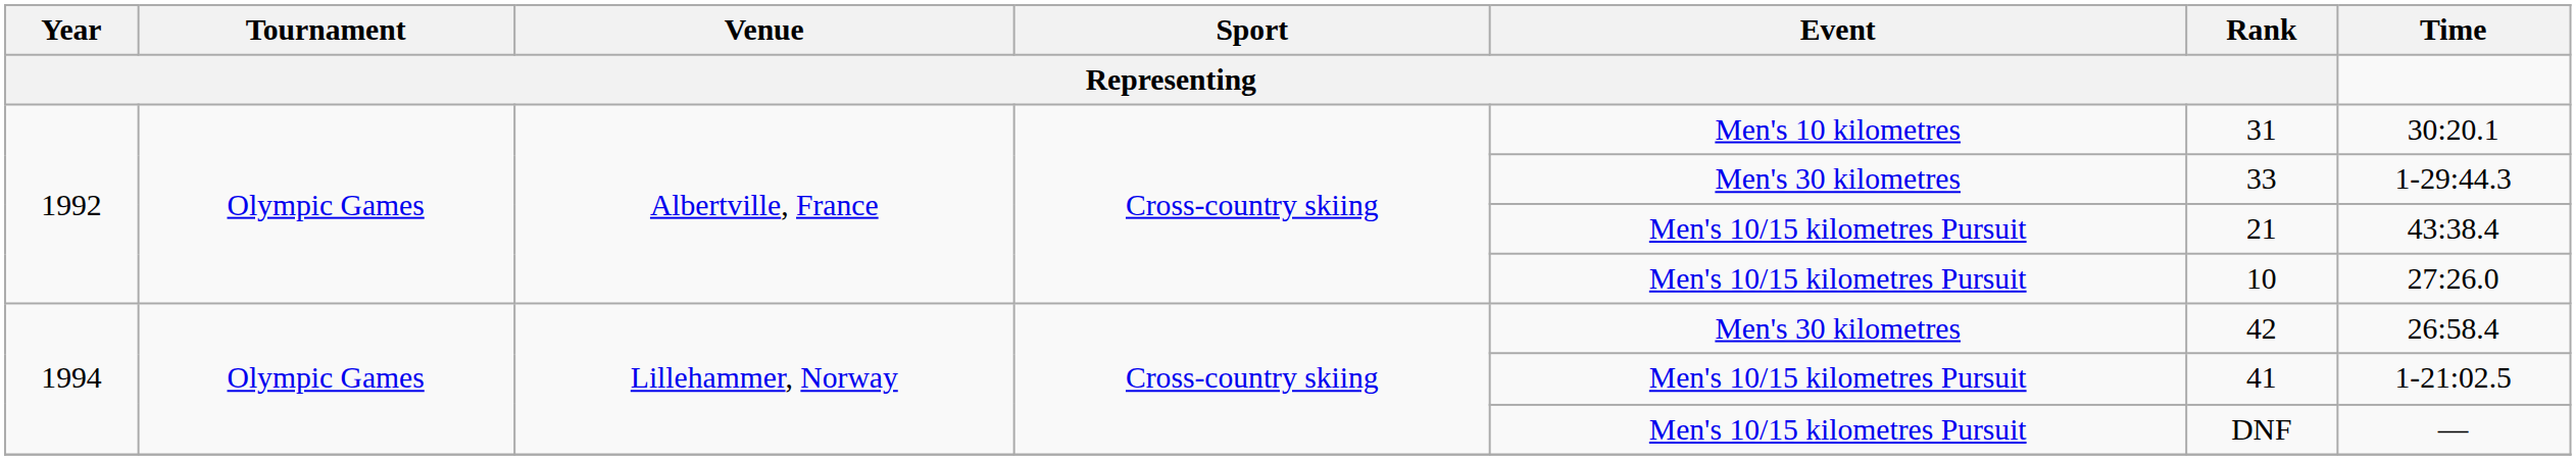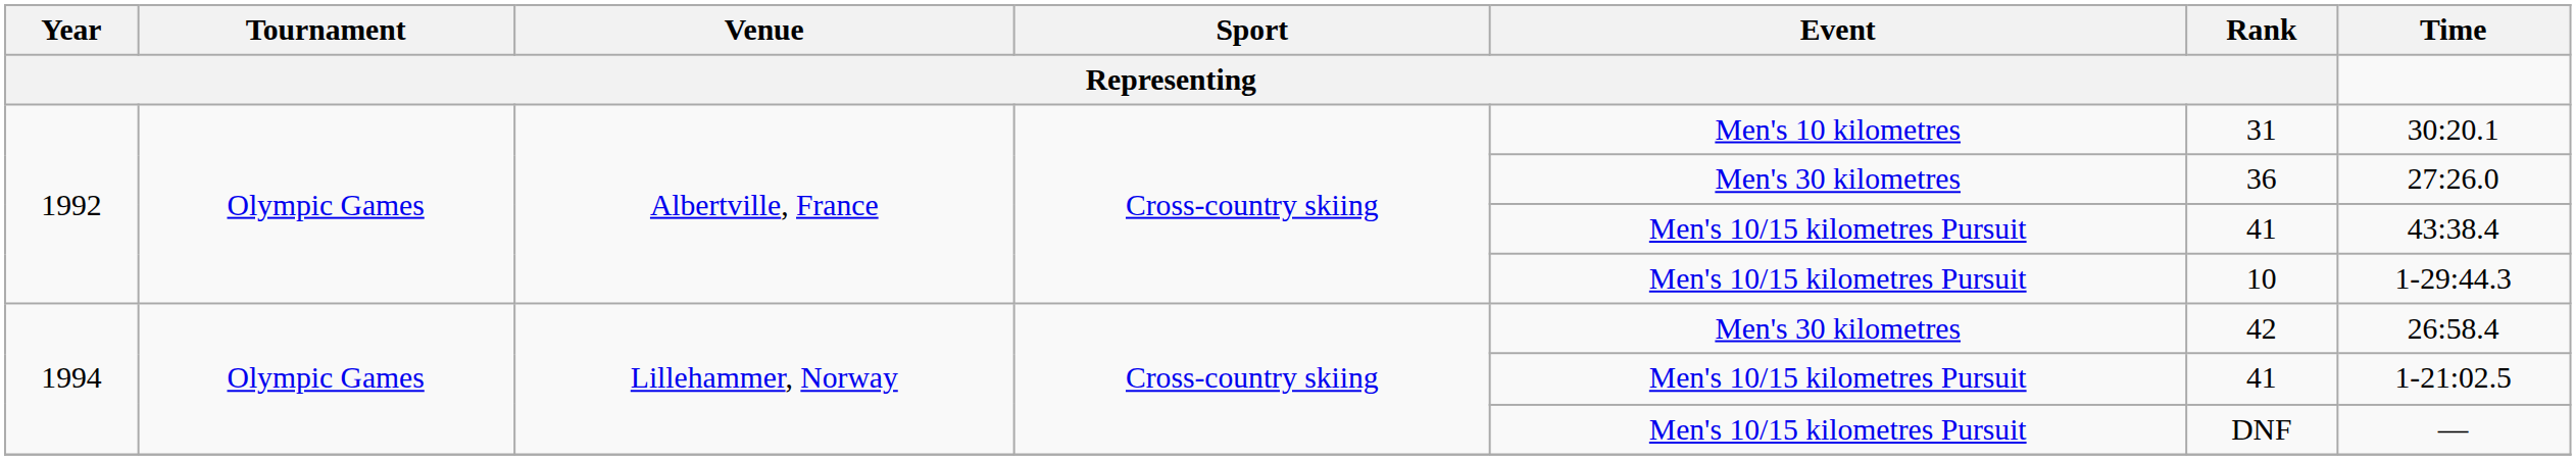 <table class="wikitable" style=" text-align:center; font-size:95%;" width="65%">
 <tr>
 <th>Year</th>
 <th>Tournament</th>
 <th>Venue</th>
 <th>Sport</th>
 <th>Event</th>
 <th>Rank</th>
 <th>Time</th>
 </tr>
 <tr>
 <th colspan="6">Representing </th>
 </tr>
 <tr>
 <td rowspan=4>1992</td>
 <td rowspan=4><a href='#'>Olympic Games</a></td>
 <td rowspan=4><a href='#'>Albertville</a>, <a href='#'>France</a></td>
 <td rowspan=4><a href='#'>Cross-country skiing</a></td>
 <td><a href='#'>Men's 10 kilometres</a></td>
 <td>31</td>
 <td>30:20.1</td>
 </tr>
 <tr>
 <td><a href='#'>Men's 30 kilometres</a></td>
-<td>33</td>
-<td>1-29:44.3</td>
+<td>36</td>
+<td>27:26.0</td>
 </tr>
 <tr>
 <td><a href='#'>Men's 10/15 kilometres Pursuit</a></td>
-<td>21</td>
+<td>41</td>
 <td>43:38.4</td>
 </tr>
 <tr>
 <td><a href='#'>Men's 10/15 kilometres Pursuit</a></td>
 <td>10</td>
-<td>27:26.0</td>
+<td>1-29:44.3</td>
 </tr>
 <tr>
 <td rowspan=3>1994</td>
 <td rowspan=3><a href='#'>Olympic Games</a></td>
 <td rowspan=3><a href='#'>Lillehammer</a>, <a href='#'>Norway</a></td>
 <td rowspan=3><a href='#'>Cross-country skiing</a></td>
 <td><a href='#'>Men's 30 kilometres</a></td>
 <td>42</td>
 <td>26:58.4</td>
 </tr>
 <tr>
 <td><a href='#'>Men's 10/15 kilometres Pursuit</a></td>
 <td>41</td>
 <td>1-21:02.5</td>
 </tr>
 <tr>
 <td><a href='#'>Men's 10/15 kilometres Pursuit</a></td>
 <td>DNF</td>
 <td>—</td>
 </tr>
 <tr>
 </tr>
 </table>
